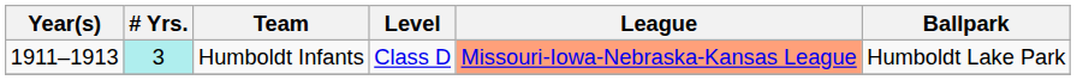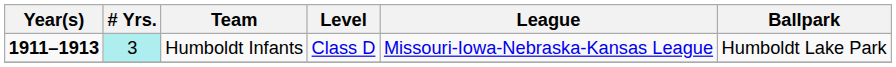 <table class="wikitable" style="text-align:center; font-size: 95%;">
 <tr>
 <th>Year(s)</th>
 <th># Yrs.</th>
 <th>Team</th>
 <th>Level</th>
 <th>League</th>
 <th>Ballpark</th>
 </tr>
 <tr>
-<td>1911–1913</td>
+<td><strong>1911–1913</strong></td>
 <td style="background: paleturquoise;">3</td>
 <td>Humboldt Infants</td>
 <td><a href='#'>Class D</a></td>
-<td style="background: lightsalmon;"><a href='#'>Missouri-Iowa-Nebraska-Kansas League</a></td>
+<td><a href='#'>Missouri-Iowa-Nebraska-Kansas League</a></td>
 <td>Humboldt Lake Park</td>
 </tr>
 <tr>
 </tr>
 </table>
